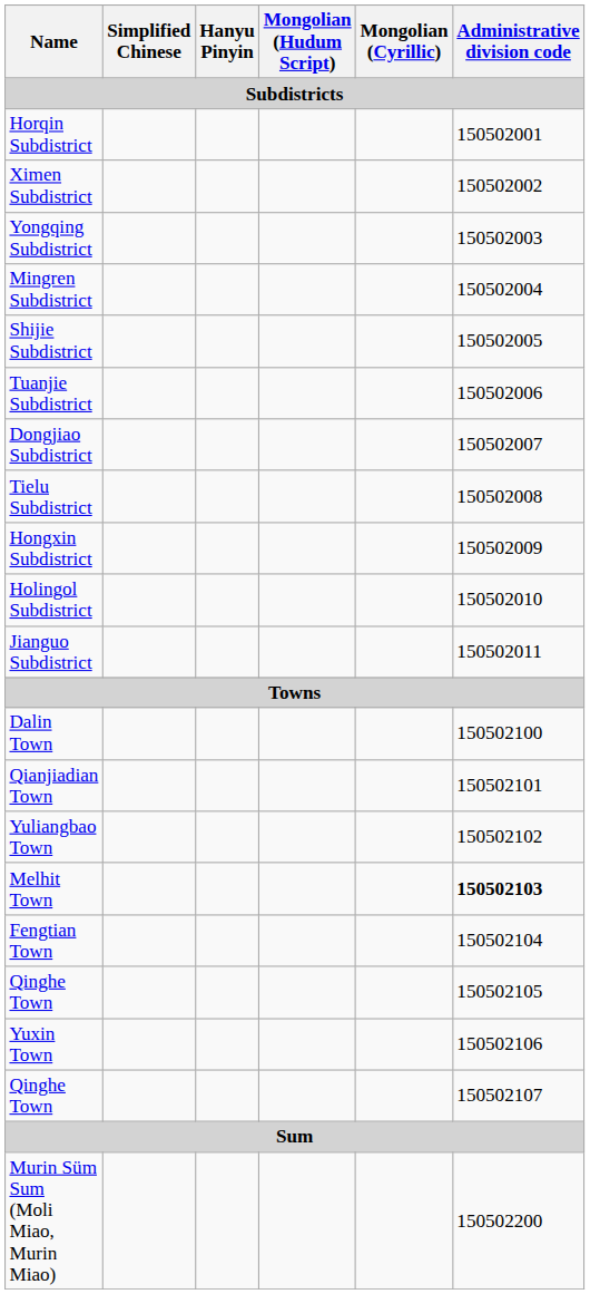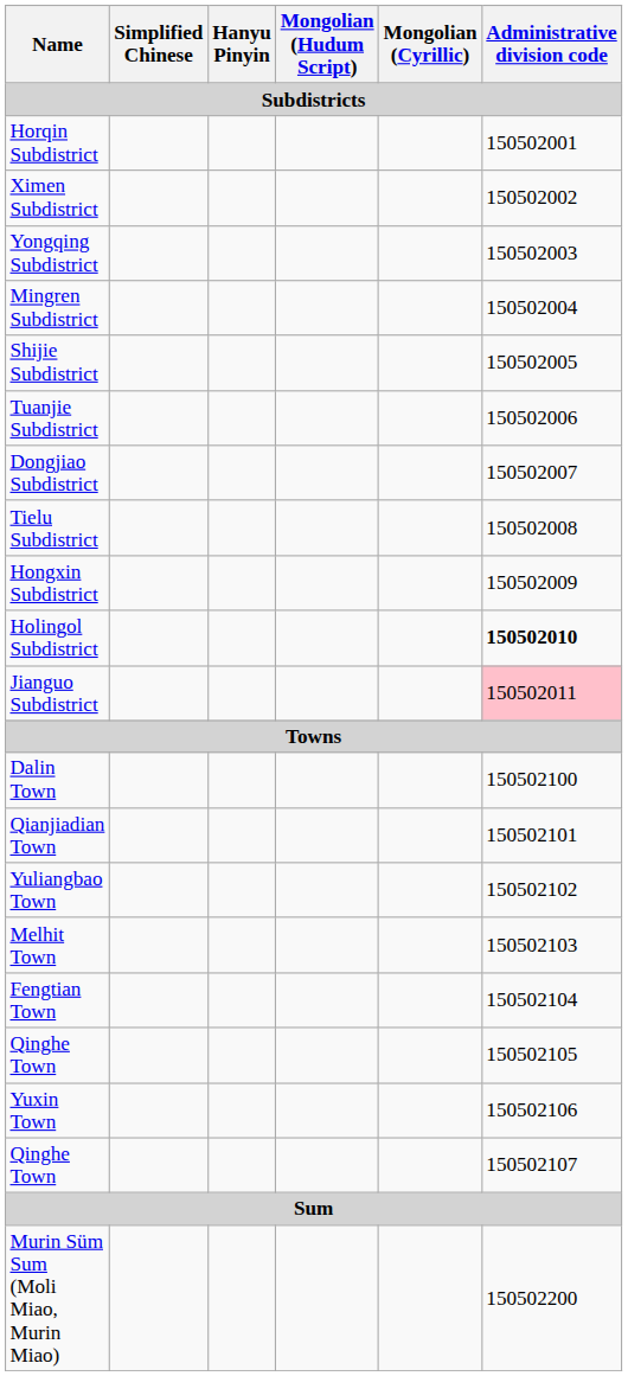 <table class="wikitable" align="center" style="width:50%; border="1">
 <tr>
 <th>Name</th>
 <th>Simplified Chinese</th>
 <th>Hanyu Pinyin</th>
 <th><a href='#'>Mongolian</a> (<a href='#'>Hudum Script</a>)</th>
 <th>Mongolian (<a href='#'>Cyrillic</a>)</th>
 <th><a href='#'>Administrative division code</a></th>
 </tr>
 <tr>
 <td colspan="6"  style="text-align:center; background:#d3d3d3;"><strong>Subdistricts</strong></td>
 </tr>
 <tr --------->
 <td><a href='#'>Horqin Subdistrict</a></td>
 <td></td>
 <td></td>
 <td></td>
 <td></td>
 <td>150502001</td>
 </tr>
 <tr>
 <td><a href='#'>Ximen Subdistrict</a></td>
 <td></td>
 <td></td>
 <td></td>
 <td></td>
 <td>150502002</td>
 </tr>
 <tr>
 <td><a href='#'>Yongqing Subdistrict</a></td>
 <td></td>
 <td></td>
 <td></td>
 <td></td>
 <td>150502003</td>
 </tr>
 <tr>
 <td><a href='#'>Mingren Subdistrict</a></td>
 <td></td>
 <td></td>
 <td></td>
 <td></td>
 <td>150502004</td>
 </tr>
 <tr>
 <td><a href='#'>Shijie Subdistrict</a></td>
 <td></td>
 <td></td>
 <td></td>
 <td></td>
 <td>150502005</td>
 </tr>
 <tr>
 <td><a href='#'>Tuanjie Subdistrict</a></td>
 <td></td>
 <td></td>
 <td></td>
 <td></td>
 <td>150502006</td>
 </tr>
 <tr>
 <td><a href='#'>Dongjiao Subdistrict</a></td>
 <td></td>
 <td></td>
 <td></td>
 <td></td>
 <td>150502007</td>
 </tr>
 <tr>
 <td><a href='#'>Tielu Subdistrict</a></td>
 <td></td>
 <td></td>
 <td></td>
 <td></td>
 <td>150502008</td>
 </tr>
 <tr>
 <td><a href='#'>Hongxin Subdistrict</a></td>
 <td></td>
 <td></td>
 <td></td>
 <td></td>
 <td>150502009</td>
 </tr>
 <tr>
 <td><a href='#'>Holingol Subdistrict</a></td>
 <td></td>
 <td></td>
 <td></td>
 <td></td>
-<td>150502010</td>
+<td><strong>150502010</strong></td>
 </tr>
 <tr>
 <td><a href='#'>Jianguo Subdistrict</a></td>
 <td></td>
 <td></td>
 <td></td>
 <td></td>
-<td>150502011</td>
+<td style="background: pink;">150502011</td>
 </tr>
 <tr>
 <td colspan="6"  style="text-align:center; background:#d3d3d3;"><strong>Towns</strong></td>
 </tr>
 <tr --------->
 <td><a href='#'>Dalin Town</a></td>
 <td></td>
 <td></td>
 <td></td>
 <td></td>
 <td>150502100</td>
 </tr>
 <tr>
 <td><a href='#'>Qianjiadian Town</a></td>
 <td></td>
 <td></td>
 <td></td>
 <td></td>
 <td>150502101</td>
 </tr>
 <tr>
 <td><a href='#'>Yuliangbao Town</a></td>
 <td></td>
 <td></td>
 <td></td>
 <td></td>
 <td>150502102</td>
 </tr>
 <tr>
 <td><a href='#'>Melhit Town</a></td>
 <td></td>
 <td></td>
 <td></td>
 <td></td>
-<td><strong>150502103</strong></td>
+<td>150502103</td>
 </tr>
 <tr>
 <td><a href='#'>Fengtian Town</a></td>
 <td></td>
 <td></td>
 <td></td>
 <td></td>
 <td>150502104</td>
 </tr>
 <tr>
 <td><a href='#'>Qinghe Town</a></td>
 <td></td>
 <td></td>
 <td></td>
 <td></td>
 <td>150502105</td>
 </tr>
 <tr>
 <td><a href='#'>Yuxin Town</a></td>
 <td></td>
 <td></td>
 <td></td>
 <td></td>
 <td>150502106</td>
 </tr>
 <tr>
 <td><a href='#'>Qinghe Town</a></td>
 <td></td>
 <td></td>
 <td></td>
 <td></td>
 <td>150502107</td>
 </tr>
 <tr>
 <td colspan="6"  style="text-align:center; background:#d3d3d3;"><strong>Sum</strong></td>
 </tr>
 <tr --------->
 <td><a href='#'>Murin Süm Sum</a><br>(Moli Miao, Murin Miao)</td>
 <td></td>
 <td></td>
 <td></td>
 <td></td>
 <td>150502200</td>
 </tr>
 <tr>
 </tr>
 </table>
